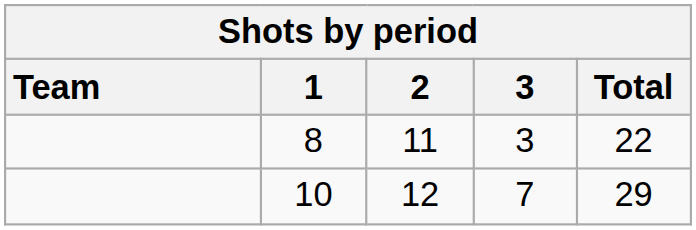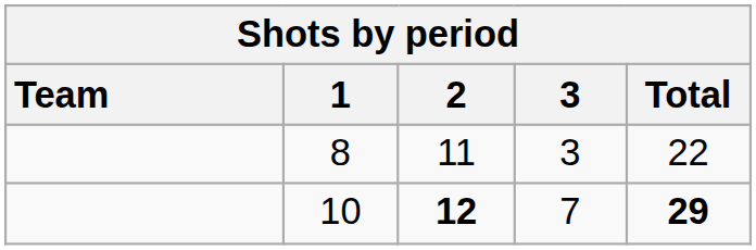 <table class="wikitable" style="width:20em; text-align:right;">
 <tr>
 <th colspan="6">Shots by period</th>
 </tr>
 <tr>
 <th style="width:8em; text-align:left;">Team</th>
 <th style="width:3em;">1</th>
 <th style="width:3em;">2</th>
 <th style="width:3em;">3</th>
 <th style="width:3em;">Total</th>
 </tr>
 <tr>
 <td style="text-align:left;"></td>
 <td style="text-align:center;">8</td>
 <td style="text-align:center;">11</td>
 <td style="text-align:center;">3</td>
 <td style="text-align:center;">22</td>
 </tr>
 <tr>
 <td style="text-align:left;"></td>
 <td style="text-align:center;">10</td>
-<td style="text-align:center;">12</td>
+<td style="text-align:center;"><strong>12</strong></td>
 <td style="text-align:center;">7</td>
-<td style="text-align:center;">29</td>
+<td style="text-align:center;"><strong>29</strong></td>
 </tr>
 </table>
